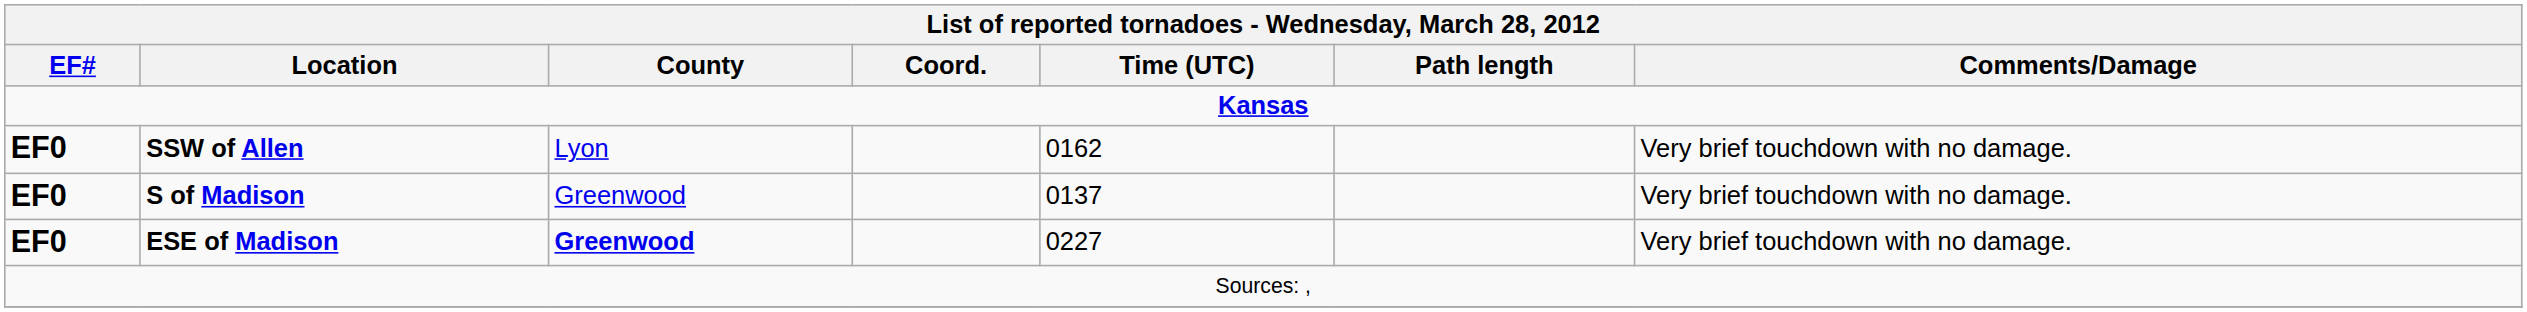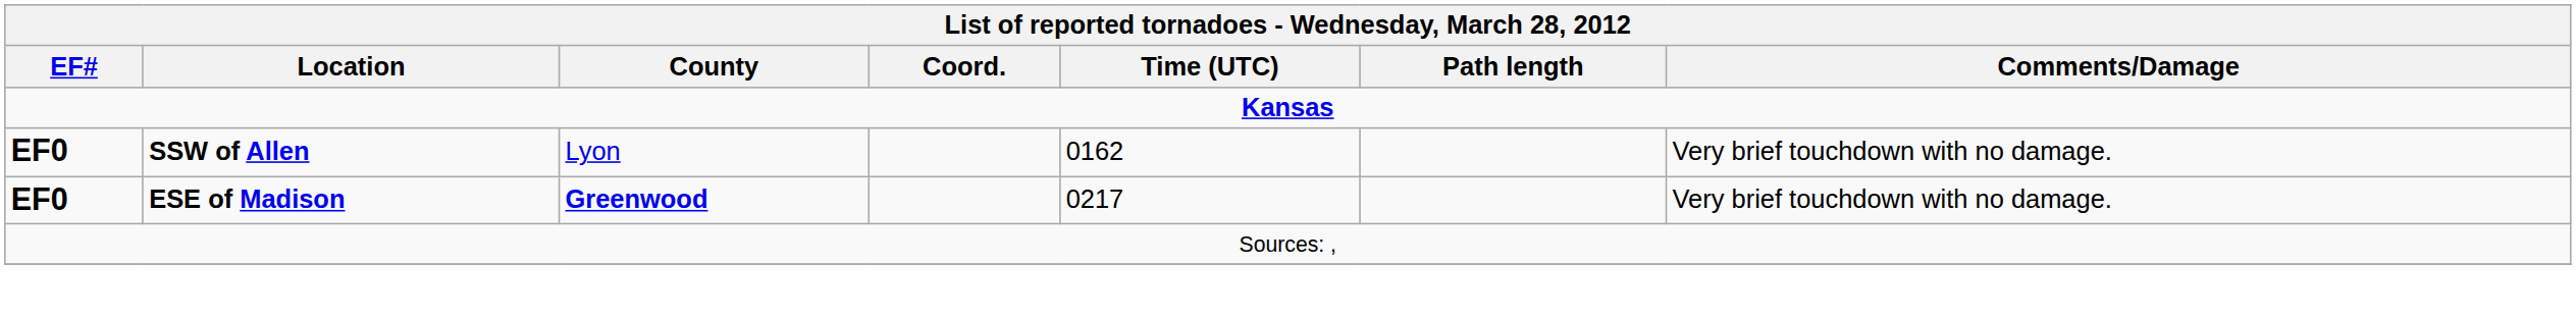 <table class="wikitable collapsible" width="100%">
 <tr>
 <th colspan="7">List of reported tornadoes - Wednesday, March 28, 2012</th>
 </tr>
 <tr>
 <th><a href='#'>EF#</a></th>
 <th>Location</th>
 <th>County</th>
 <th>Coord.</th>
 <th>Time (UTC)</th>
 <th>Path length</th>
 <th>Comments/Damage</th>
 </tr>
 <tr>
 <td colspan="7" align=center><strong><a href='#'>Kansas</a></strong></td>
 </tr>
 <tr>
 <td><big><strong>EF0</strong></big></td>
 <td><strong>SSW of <a href='#'>Allen</a></strong></td>
 <td><a href='#'>Lyon</a></td>
 <td></td>
 <td>0162</td>
 <td></td>
 <td>Very brief touchdown with no damage.</td>
 </tr>
 <tr>
 <td><big><strong>EF0</strong></big></td>
-<td><strong>S of <a href='#'>Madison</a></strong></td>
-<td><a href='#'>Greenwood</a></td>
-<td></td>
-<td>0137</td>
-<td></td>
-<td>Very brief touchdown with no damage.</td>
-</tr>
-<tr>
-<td><big><strong>EF0</strong></big></td>
 <td><strong>ESE of <a href='#'>Madison</a></strong></td>
 <td><strong><a href='#'>Greenwood</a></strong></td>
 <td></td>
-<td>0227</td>
+<td>0217</td>
 <td></td>
 <td>Very brief touchdown with no damage.</td>
 </tr>
 <tr>
 <td colspan="7" align=center><small>Sources: , </small></td>
 </tr>
 <tr>
 </tr>
 </table>
